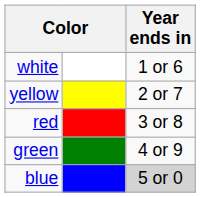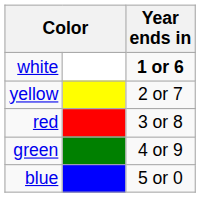 <table class="wikitable" style="float:right; clear:right; margin-left:1em;">
 <tr>
 <th colspan=2>Color</th>
 <th>Year<br>ends in</th>
 </tr>
 <tr>
 <td align=right><a href='#'>white</a></td>
 <td bgcolor=white width=50></td>
-<td align=center>1 or 6</td>
+<td align=center><strong>1 or 6</strong></td>
 </tr>
 <tr>
 <td align=right><a href='#'>yellow</a></td>
 <td bgcolor=yellow></td>
 <td align=center>2 or 7</td>
 </tr>
 <tr>
 <td align=right><a href='#'>red</a></td>
 <td bgcolor=red></td>
 <td align=center>3 or 8</td>
 </tr>
 <tr>
 <td align=right><a href='#'>green</a></td>
 <td bgcolor=green></td>
 <td align=center>4 or 9</td>
 </tr>
 <tr>
 <td align=right><a href='#'>blue</a></td>
 <td bgcolor=blue></td>
-<td align=center style="background: lightgrey;">5 or 0</td>
+<td align=center>5 or 0</td>
 </tr>
 </table>
